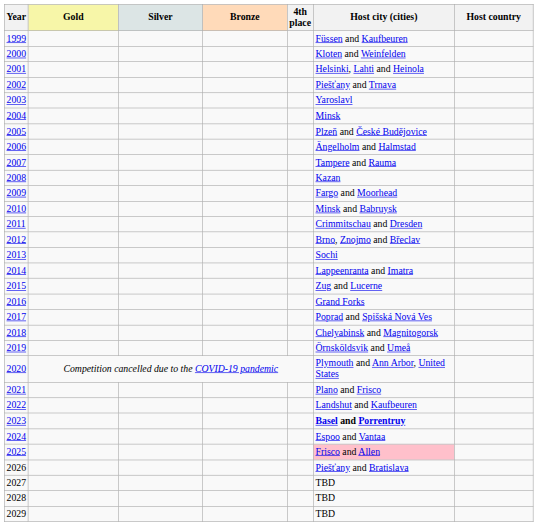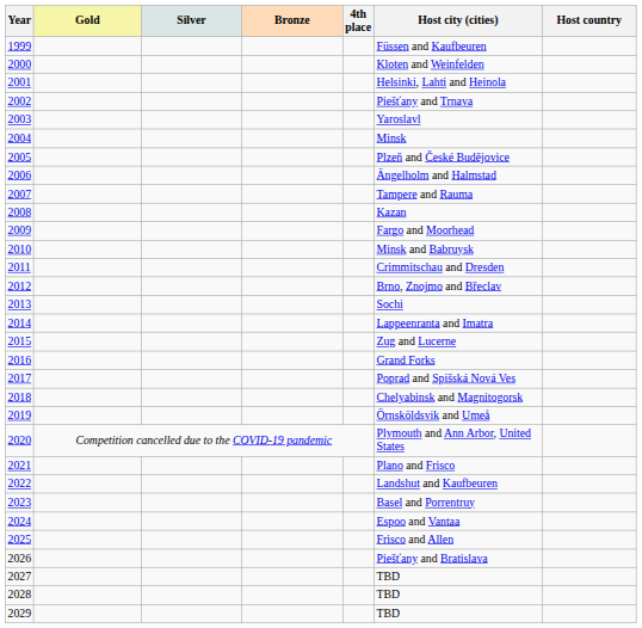 <table class="wikitable sortable">
 <tr bgcolor="#efefef" align="left">
 <th>Year</th>
 <th width=145 style="background-color: #F7F6A8;"> Gold</th>
 <th width=135 style="background-color: #DCE5E5;"> Silver</th>
 <th width=135 style="background-color: #FFDAB9;"> Bronze</th>
 <th scope="col" style="background-color:">4th place</th>
 <th width=230>Host city (cities)</th>
 <th width=125>Host country</th>
 </tr>
 <tr>
 <td><a href='#'>1999</a></td>
 <td> </td>
 <td> </td>
 <td> </td>
 <td> </td>
 <td><a href='#'>Füssen</a> and <a href='#'>Kaufbeuren</a></td>
 <td></td>
 </tr>
 <tr>
 <td><a href='#'>2000</a></td>
 <td> </td>
 <td> </td>
 <td> </td>
 <td> </td>
 <td><a href='#'>Kloten</a> and <a href='#'>Weinfelden</a></td>
 <td></td>
 </tr>
 <tr>
 <td><a href='#'>2001</a></td>
 <td> </td>
 <td> </td>
 <td> </td>
 <td> </td>
 <td><a href='#'>Helsinki</a>, <a href='#'>Lahti</a> and <a href='#'>Heinola</a></td>
 <td></td>
 </tr>
 <tr>
 <td><a href='#'>2002</a></td>
 <td> </td>
 <td> </td>
 <td> </td>
 <td> </td>
 <td><a href='#'>Piešťany</a> and <a href='#'>Trnava</a></td>
 <td></td>
 </tr>
 <tr>
 <td><a href='#'>2003</a></td>
 <td> </td>
 <td> </td>
 <td> </td>
 <td> </td>
 <td><a href='#'>Yaroslavl</a></td>
 <td></td>
 </tr>
 <tr>
 <td><a href='#'>2004</a></td>
 <td> </td>
 <td> </td>
 <td> </td>
 <td> </td>
 <td><a href='#'>Minsk</a></td>
 <td></td>
 </tr>
 <tr>
 <td><a href='#'>2005</a></td>
 <td> </td>
 <td> </td>
 <td> </td>
 <td> </td>
 <td><a href='#'>Plzeň</a> and <a href='#'>České Budějovice</a></td>
 <td></td>
 </tr>
 <tr>
 <td><a href='#'>2006</a></td>
 <td> </td>
 <td> </td>
 <td></td>
 <td> </td>
 <td><a href='#'>Ängelholm</a> and <a href='#'>Halmstad</a></td>
 <td></td>
 </tr>
 <tr>
 <td><a href='#'>2007</a></td>
 <td> </td>
 <td> </td>
 <td> </td>
 <td> </td>
 <td><a href='#'>Tampere</a> and <a href='#'>Rauma</a></td>
 <td></td>
 </tr>
 <tr>
 <td><a href='#'>2008</a></td>
 <td> </td>
 <td> </td>
 <td> </td>
 <td> </td>
 <td><a href='#'>Kazan</a></td>
 <td></td>
 </tr>
 <tr>
 <td><a href='#'>2009</a></td>
 <td> </td>
 <td> </td>
 <td> </td>
 <td> </td>
 <td><a href='#'>Fargo</a> and <a href='#'>Moorhead</a></td>
 <td></td>
 </tr>
 <tr>
 <td><a href='#'>2010</a></td>
 <td> </td>
 <td> </td>
 <td> </td>
 <td> </td>
 <td><a href='#'>Minsk</a> and <a href='#'>Babruysk</a></td>
 <td></td>
 </tr>
 <tr>
 <td><a href='#'>2011</a></td>
 <td> </td>
 <td> </td>
 <td> </td>
 <td> </td>
 <td><a href='#'>Crimmitschau</a> and <a href='#'>Dresden</a></td>
 <td></td>
 </tr>
 <tr>
 <td><a href='#'>2012</a></td>
 <td> </td>
 <td> </td>
 <td> </td>
 <td> </td>
 <td><a href='#'>Brno</a>, <a href='#'>Znojmo</a> and <a href='#'>Břeclav</a></td>
 <td></td>
 </tr>
 <tr>
 <td><a href='#'>2013</a></td>
 <td> </td>
 <td> </td>
 <td> </td>
 <td> </td>
 <td><a href='#'>Sochi</a></td>
 <td></td>
 </tr>
 <tr>
 <td><a href='#'>2014</a></td>
 <td> </td>
 <td></td>
 <td> </td>
 <td> </td>
 <td><a href='#'>Lappeenranta</a> and <a href='#'>Imatra</a></td>
 <td></td>
 </tr>
 <tr>
 <td><a href='#'>2015</a></td>
 <td> </td>
 <td> </td>
 <td> </td>
 <td> </td>
 <td><a href='#'>Zug</a> and <a href='#'>Lucerne</a></td>
 <td></td>
 </tr>
 <tr>
 <td><a href='#'>2016</a></td>
 <td> </td>
 <td> </td>
 <td> </td>
 <td> </td>
 <td><a href='#'>Grand Forks</a></td>
 <td></td>
 </tr>
 <tr>
 <td><a href='#'>2017</a></td>
 <td> </td>
 <td> </td>
 <td> </td>
 <td> </td>
 <td><a href='#'>Poprad</a> and <a href='#'>Spišská Nová Ves</a></td>
 <td></td>
 </tr>
 <tr>
 <td><a href='#'>2018</a></td>
 <td> </td>
 <td> </td>
 <td> </td>
 <td> </td>
 <td><a href='#'>Chelyabinsk</a> and <a href='#'>Magnitogorsk</a></td>
 <td></td>
 </tr>
 <tr>
 <td><a href='#'>2019</a></td>
 <td> </td>
 <td> </td>
 <td> </td>
 <td> </td>
 <td><a href='#'>Örnsköldsvik</a> and <a href='#'>Umeå</a></td>
 <td></td>
 </tr>
 <tr>
 <td><a href='#'>2020</a></td>
 <td colspan=4 align=center><em>Competition cancelled due to the <a href='#'>COVID-19 pandemic</a></em></td>
 <td><a href='#'>Plymouth</a> and <a href='#'>Ann Arbor</a>, <a href='#'>United States</a></td>
 <td></td>
 </tr>
 <tr>
 <td><a href='#'>2021</a></td>
 <td> </td>
 <td> </td>
 <td> </td>
 <td> </td>
 <td><a href='#'>Plano</a> and <a href='#'>Frisco</a></td>
 <td></td>
 </tr>
 <tr>
 <td><a href='#'>2022</a></td>
 <td> </td>
 <td> </td>
 <td> </td>
 <td></td>
 <td><a href='#'>Landshut</a> and <a href='#'>Kaufbeuren</a></td>
 <td></td>
 </tr>
 <tr>
 <td><a href='#'>2023</a></td>
 <td></td>
 <td> </td>
 <td> </td>
 <td> </td>
-<td><strong><a href='#'>Basel</a> and <a href='#'>Porrentruy</a></strong></td>
+<td><a href='#'>Basel</a> and <a href='#'>Porrentruy</a></td>
 <td></td>
 </tr>
 <tr>
 <td><a href='#'>2024</a></td>
 <td> </td>
 <td> </td>
 <td> </td>
 <td> </td>
 <td><a href='#'>Espoo</a> and <a href='#'>Vantaa</a></td>
 <td></td>
 </tr>
 <tr>
 <td><a href='#'>2025</a></td>
 <td> </td>
 <td> </td>
 <td> </td>
 <td> </td>
-<td style="background: pink;"><a href='#'>Frisco</a> and <a href='#'>Allen</a></td>
+<td><a href='#'>Frisco</a> and <a href='#'>Allen</a></td>
 <td></td>
 </tr>
 <tr>
 <td>2026</td>
 <td></td>
 <td></td>
 <td></td>
 <td></td>
 <td><a href='#'>Piešťany</a> and <a href='#'>Bratislava</a></td>
 <td></td>
 </tr>
 <tr>
 <td>2027</td>
 <td></td>
 <td></td>
 <td></td>
 <td></td>
 <td>TBD</td>
 <td></td>
 </tr>
 <tr>
 <td>2028</td>
 <td></td>
 <td></td>
 <td></td>
 <td></td>
 <td>TBD</td>
 <td></td>
 </tr>
 <tr>
 <td>2029</td>
 <td></td>
 <td></td>
 <td></td>
 <td></td>
 <td>TBD</td>
 <td> </td>
 </tr>
 </table>
